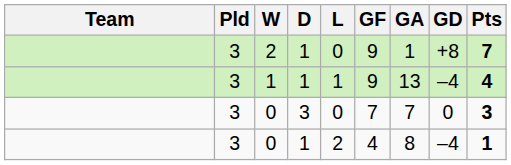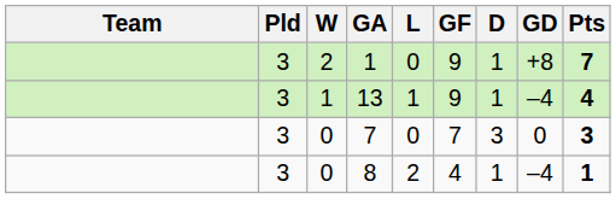 <table class="wikitable" style="text-align: center;">
 <tr>
 <th width=165>Team</th>
 <th width=20>Pld</th>
 <th width=20>W</th>
-<th width=20>D</th>
+<th width=20>GA</th>
 <th width=20>L</th>
 <th width=20>GF</th>
-<th width=20>GA</th>
+<th width=20>D</th>
 <th width=20>GD</th>
 <th width=20>Pts</th>
 </tr>
 <tr bgcolor="#D0F0C0">
 <td align="left"></td>
 <td>3</td>
 <td>2</td>
 <td>1</td>
 <td>0</td>
 <td>9</td>
 <td>1</td>
 <td>+8</td>
 <td><strong>7</strong></td>
 </tr>
 <tr bgcolor="#D0F0C0">
 <td align="left"></td>
 <td>3</td>
 <td>1</td>
-<td>1</td>
+<td>13</td>
 <td>1</td>
 <td>9</td>
-<td>13</td>
+<td>1</td>
 <td>–4</td>
 <td><strong>4</strong></td>
 </tr>
 <tr>
 <td align="left"></td>
 <td>3</td>
 <td>0</td>
-<td>3</td>
+<td>7</td>
 <td>0</td>
 <td>7</td>
-<td>7</td>
+<td>3</td>
 <td>0</td>
 <td><strong>3</strong></td>
 </tr>
 <tr>
 <td align="left"></td>
 <td>3</td>
 <td>0</td>
-<td>1</td>
+<td>8</td>
 <td>2</td>
 <td>4</td>
-<td>8</td>
+<td>1</td>
 <td>–4</td>
 <td><strong>1</strong></td>
 </tr>
 </table>
